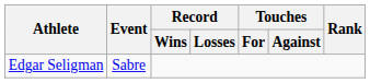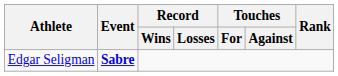 <table class=wikitable style=font-size:90%;text-align:center>
 <tr>
 <th rowspan="2">Athlete</th>
 <th rowspan="2">Event</th>
 <th colspan="2">Record</th>
 <th colspan="2">Touches</th>
 <th rowspan="2">Rank</th>
 </tr>
 <tr>
 <th>Wins</th>
 <th>Losses</th>
 <th>For</th>
 <th>Against</th>
 </tr>
 <tr>
 <td><a href='#'>Edgar Seligman</a></td>
-<td><a href='#'>Sabre</a></td>
+<td><strong><a href='#'>Sabre</a></strong></td>
 <td colspan=5></td>
 </tr>
 </table>
